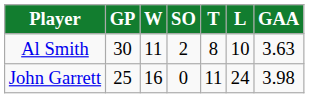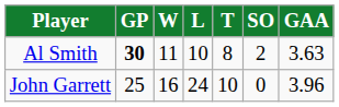 <table class="wikitable sortable">
 <tr>
 <th style="color:white; background:#127d2f; ">Player</th>
 <th style="color:white; background:#127d2f; ">GP</th>
 <th style="color:white; background:#127d2f; ">W</th>
+<th style="color:white; background:#127d2f; ">L</th>
+<th style="color:white; background:#127d2f; ">T</th>
 <th style="color:white; background:#127d2f; ">SO</th>
-<th style="color:white; background:#127d2f; ">T</th>
-<th style="color:white; background:#127d2f; ">L</th>
 <th style="color:white; background:#127d2f; ">GAA</th>
 </tr>
 <tr style="text-align:center;">
 <td><a href='#'>Al Smith</a></td>
-<td>30</td>
+<td><strong>30</strong></td>
 <td>11</td>
+<td>10</td>
+<td>8</td>
 <td>2</td>
-<td>8</td>
-<td>10</td>
 <td>3.63</td>
 </tr>
 <tr align=center>
 <td><a href='#'>John Garrett</a></td>
 <td>25</td>
 <td>16</td>
+<td>24</td>
+<td>10</td>
 <td>0</td>
-<td>11</td>
-<td>24</td>
-<td>3.98</td>
+<td>3.96</td>
 </tr>
 </table>
